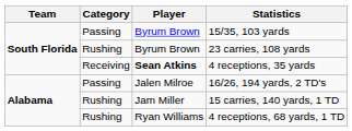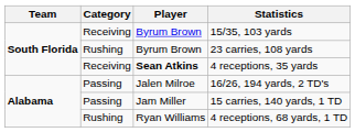 <table class="wikitable" style="float: right;">
 <tr>
 <th>Team</th>
 <th>Category</th>
 <th>Player</th>
 <th>Statistics</th>
 </tr>
 <tr>
 <td rowspan=3><strong>South Florida</strong></td>
-<td>Passing</td>
+<td>Receiving</td>
 <td><a href='#'>Byrum Brown</a></td>
 <td>15/35, 103 yards</td>
 </tr>
 <tr>
 <td>Rushing</td>
 <td>Byrum Brown</td>
 <td>23 carries, 108 yards</td>
 </tr>
 <tr>
 <td>Receiving</td>
 <td><strong>Sean Atkins</strong></td>
 <td>4 receptions, 35 yards</td>
 </tr>
 <tr>
 <td rowspan=3><strong>Alabama</strong></td>
 <td>Passing</td>
 <td>Jalen Milroe</td>
 <td>16/26, 194 yards, 2 TD's</td>
 </tr>
 <tr>
-<td>Rushing</td>
+<td>Passing</td>
 <td>Jam Miller</td>
 <td>15 carries, 140 yards, 1 TD</td>
 </tr>
 <tr>
 <td>Rushing</td>
 <td>Ryan Williams</td>
 <td>4 receptions, 68 yards, 1 TD</td>
 </tr>
 </table>
